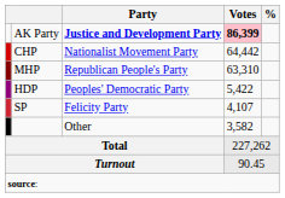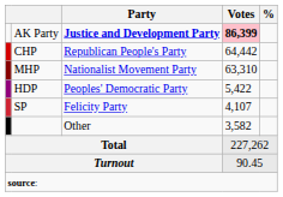 <table class="wikitable">
 <tr>
 <th colspan="2" align="center"></th>
 <th align="center">Party</th>
 <th align="center">Votes</th>
 <th align="center">%</th>
 </tr>
 <tr align="left">
 <td></td>
 <td>AK Party</td>
 <td><strong><a href='#'>Justice and Development Party</a></strong></td>
 <td style="background: pink;"><strong>86,399</strong></td>
 <td><strong></strong></td>
 </tr>
 <tr align="left">
 <td bgcolor="#d50000" width="1"></td>
 <td>CHP</td>
-<td><a href='#'>Nationalist Movement Party</a></td>
+<td><a href='#'>Republican People's Party</a></td>
 <td>64,442</td>
 <td></td>
 </tr>
 <tr align="left">
 <td bgcolor="#870000" width="1"></td>
 <td>MHP</td>
-<td><a href='#'>Republican People's Party</a></td>
+<td><a href='#'>Nationalist Movement Party</a></td>
 <td>63,310</td>
 <td></td>
 </tr>
 <tr align="left">
 <td bgcolor="#91007B" width="1"></td>
 <td>HDP</td>
 <td><a href='#'>Peoples' Democratic Party</a></td>
 <td>5,422</td>
 <td></td>
 </tr>
 <tr align="left">
 <td bgcolor="#D02433" width="1"></td>
 <td>SP</td>
 <td><a href='#'>Felicity Party</a></td>
 <td>4,107</td>
 <td></td>
 </tr>
 <tr align="left">
 <td bgcolor=" " width="1"></td>
 <td></td>
 <td>Other</td>
 <td>3,582</td>
 <td></td>
 </tr>
 <tr align="left" style="background-color:#E9E9E9">
 <th colspan="3" align="center"><strong>Total</strong></th>
 <td colspan="5" align="center">227,262</td>
 </tr>
 <tr align="left" style="background-color:#E9E9E9">
 <th colspan="3" align="center"><em>Turnout</em></th>
 <td colspan="5" align="center">90.45</td>
 </tr>
 <tr>
 <td colspan="9" align="left"><small><strong>source</strong>: </small></td>
 </tr>
 </table>
